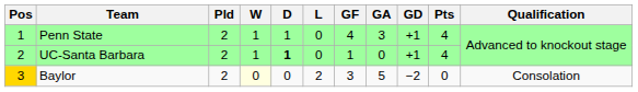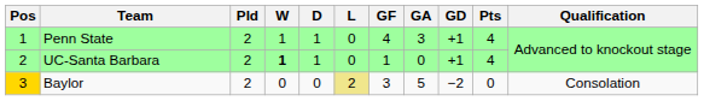 <table class="wikitable" style="text-align:center; margin: 1em auto">
 <tr>
 <th style="width:2em">Pos</th>
 <th style="width:13em">Team</th>
 <th style="width:2em">Pld</th>
 <th style="width:2em">W</th>
 <th style="width:2em">D</th>
 <th style="width:2em">L</th>
 <th style="width:2em">GF</th>
 <th style="width:2em">GA</th>
 <th style="width:2em">GD</th>
 <th style="width:2em">Pts</th>
 <th style="width:13em">Qualification</th>
 </tr>
 <tr bgcolor="#9eff9e">
 <td>1</td>
 <td style="text-align:left">Penn State</td>
 <td>2</td>
 <td>1</td>
 <td>1</td>
 <td>0</td>
 <td>4</td>
 <td>3</td>
 <td>+1</td>
 <td>4</td>
 <td rowspan="2">Advanced to knockout stage</td>
 </tr>
 <tr bgcolor="#9eff9e">
 <td>2</td>
 <td style="text-align:left">UC-Santa Barbara</td>
 <td>2</td>
+<td><strong>1</strong></td>
 <td>1</td>
-<td><strong>1</strong></td>
 <td>0</td>
 <td>1</td>
 <td>0</td>
 <td>+1</td>
 <td>4</td>
 </tr>
 <tr>
 <td style="background: gold;">3</td>
 <td style="text-align:left">Baylor</td>
 <td>2</td>
-<td style="background: lightyellow;">0</td>
 <td>0</td>
-<td>2</td>
+<td>0</td>
+<td style="background: khaki;">2</td>
 <td>3</td>
 <td>5</td>
 <td>−2</td>
 <td>0</td>
 <td>Consolation</td>
 </tr>
 </table>
